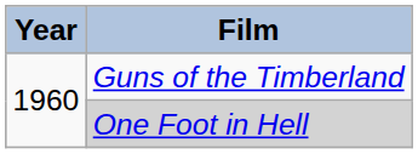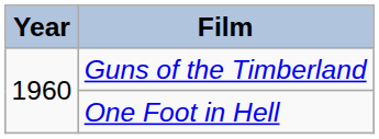 <table class="wikitable" style="font-size:95%;">
 <tr align="center">
 <th style="background:#B0C4DE;">Year</th>
 <th style="background:#B0C4DE;">Film</th>
 </tr>
 <tr>
 <td rowspan=2>1960</td>
 <td><em><a href='#'>Guns of the Timberland</a></em></td>
 </tr>
 <tr>
-<td style="background: lightgrey;"><em><a href='#'>One Foot in Hell</a></em></td>
+<td><em><a href='#'>One Foot in Hell</a></em></td>
 </tr>
 </table>
